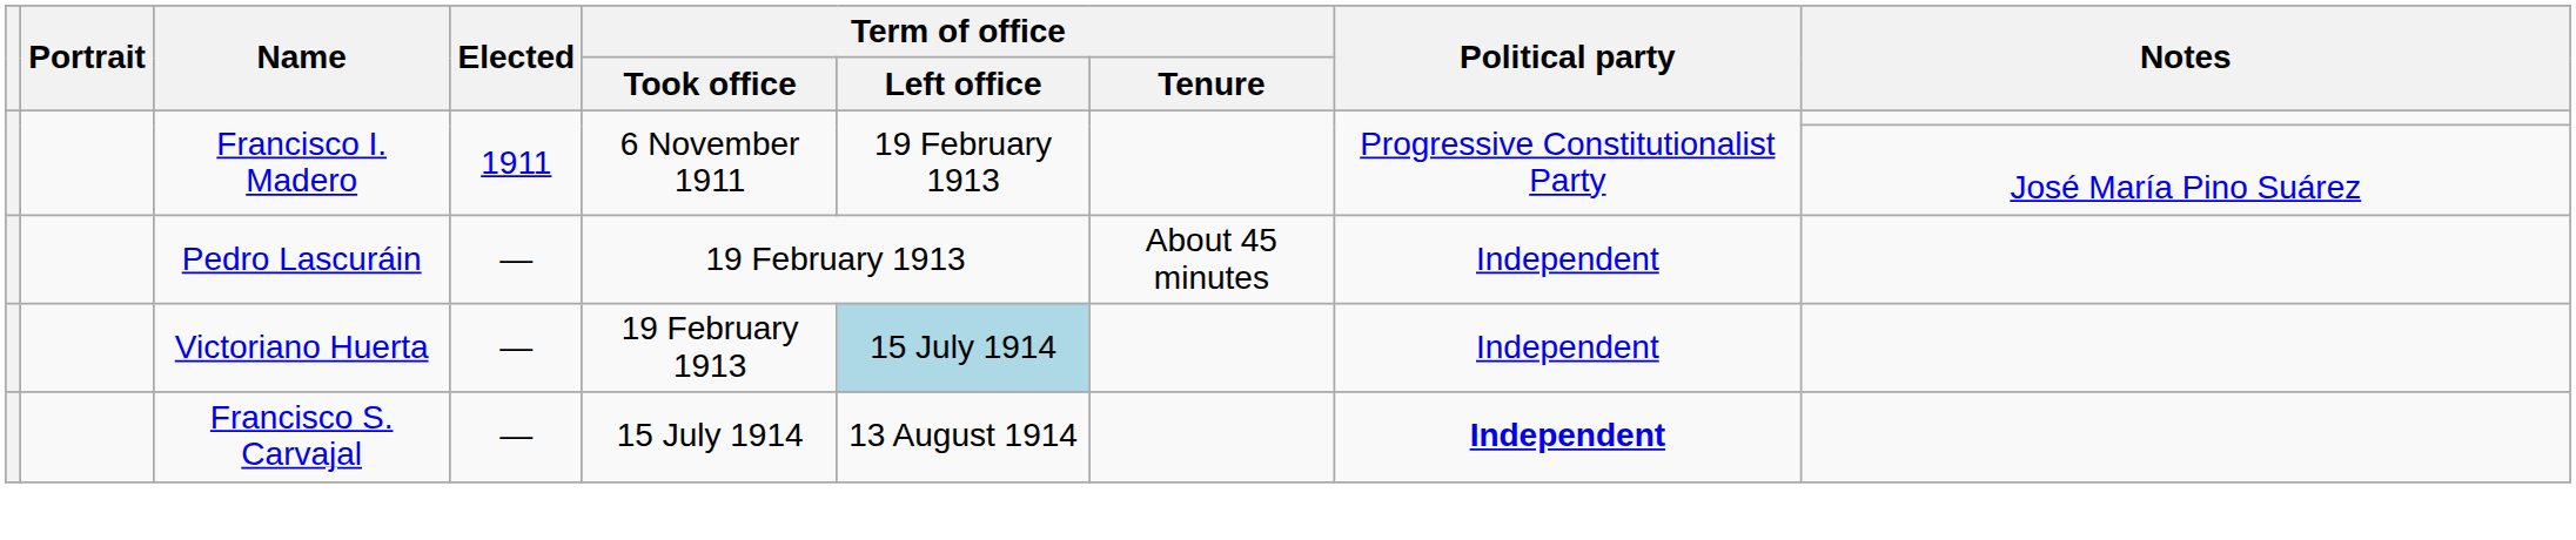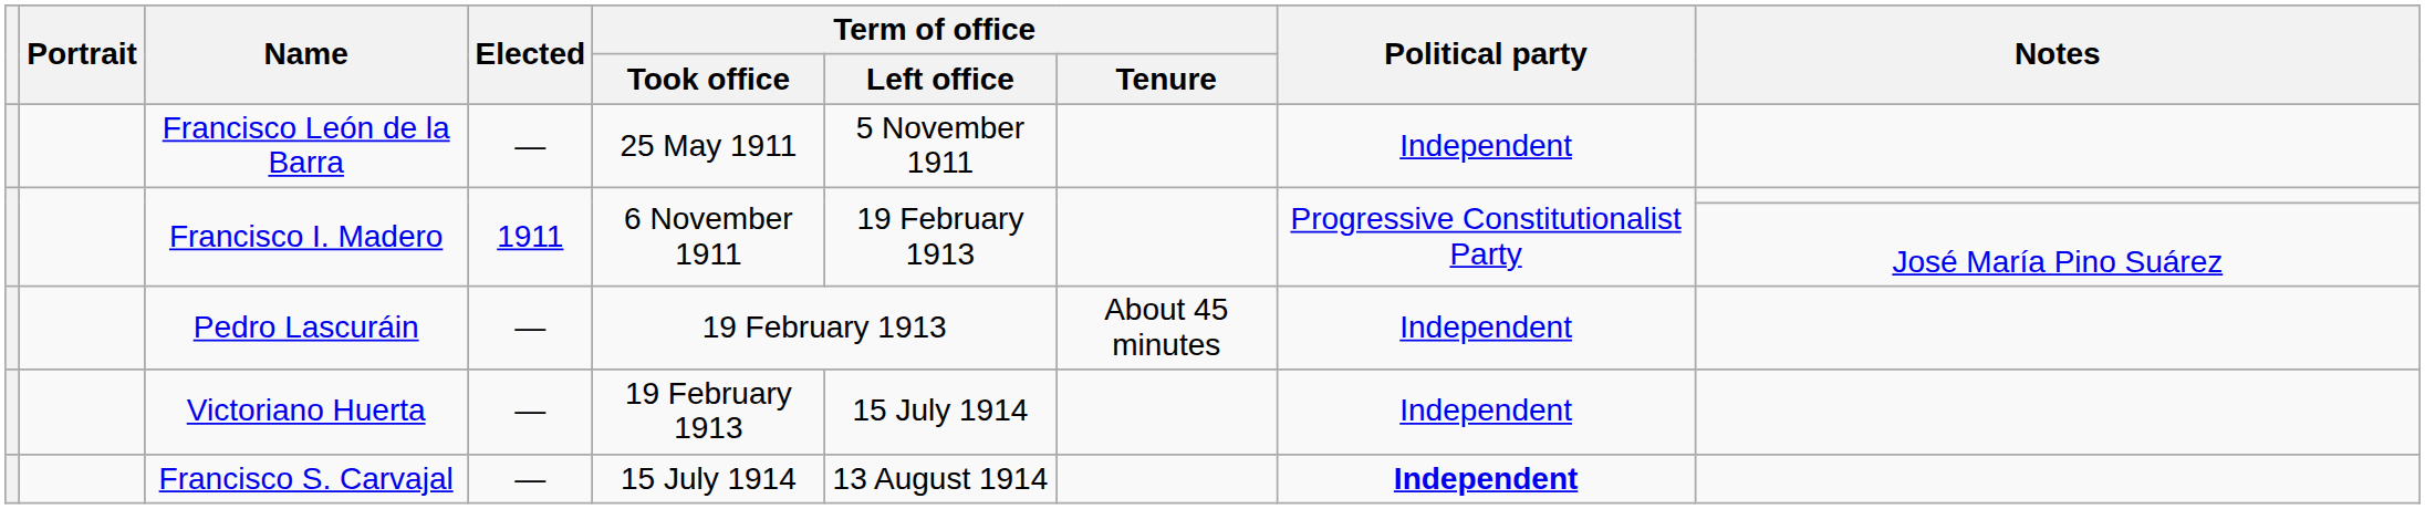 <table class="wikitable" style="text-align:center;">
 <tr>
 <th rowspan="2"></th>
 <th rowspan="2">Portrait</th>
 <th rowspan="2">Name<br></th>
 <th rowspan="2">Elected</th>
 <th colspan="3">Term of office</th>
 <th rowspan="2">Political party</th>
 <th rowspan="2">Notes</th>
 </tr>
 <tr>
 <th>Took office</th>
 <th>Left office</th>
 <th>Tenure</th>
+</tr>
+<tr>
+<th style="background:"></th>
+<td></td>
+<td><a href='#'>Francisco León de la Barra</a><br></td>
+<td>—</td>
+<td>25 May 1911</td>
+<td>5 November 1911</td>
+<td></td>
+<td><a href='#'>Independent</a></td>
+<td style="width:30%;"></td>
 </tr>
 <tr>
 <th rowspan="2" style="background:"> </th>
 <td rowspan="2"></td>
 <td rowspan="2"><a href='#'>Francisco I. Madero</a><br></td>
 <td rowspan="2"><a href='#'>1911</a></td>
 <td rowspan="2">6 November 1911</td>
 <td rowspan="2">19 February 1913</td>
 <td rowspan="2"></td>
 <td rowspan="2"><a href='#'>Progressive Constitutionalist Party</a></td>
 <td style="width:30%;"></td>
 </tr>
 <tr>
 <td><br><a href='#'>José María Pino Suárez</a></td>
 </tr>
 <tr>
 <th style="background:"></th>
 <td></td>
 <td><a href='#'>Pedro Lascuráin</a><br></td>
 <td>—</td>
 <td colspan="2">19 February 1913</td>
 <td>About 45 minutes</td>
 <td><a href='#'>Independent</a></td>
 <td style="width:30%;"></td>
 </tr>
 <tr>
 <th style="background:"></th>
 <td></td>
 <td><a href='#'>Victoriano Huerta</a><br></td>
 <td>—</td>
 <td>19 February 1913</td>
-<td style="background: lightblue;">15 July 1914</td>
+<td>15 July 1914</td>
 <td></td>
 <td><a href='#'>Independent</a></td>
 <td style="width:30%;"></td>
 </tr>
 <tr>
 <th style="background:"></th>
 <td></td>
 <td><a href='#'>Francisco S. Carvajal</a><br></td>
 <td>—</td>
 <td>15 July 1914</td>
 <td>13 August 1914</td>
 <td></td>
 <td><strong><a href='#'>Independent</a></strong></td>
 <td style="width:30%;"></td>
 </tr>
 </table>
